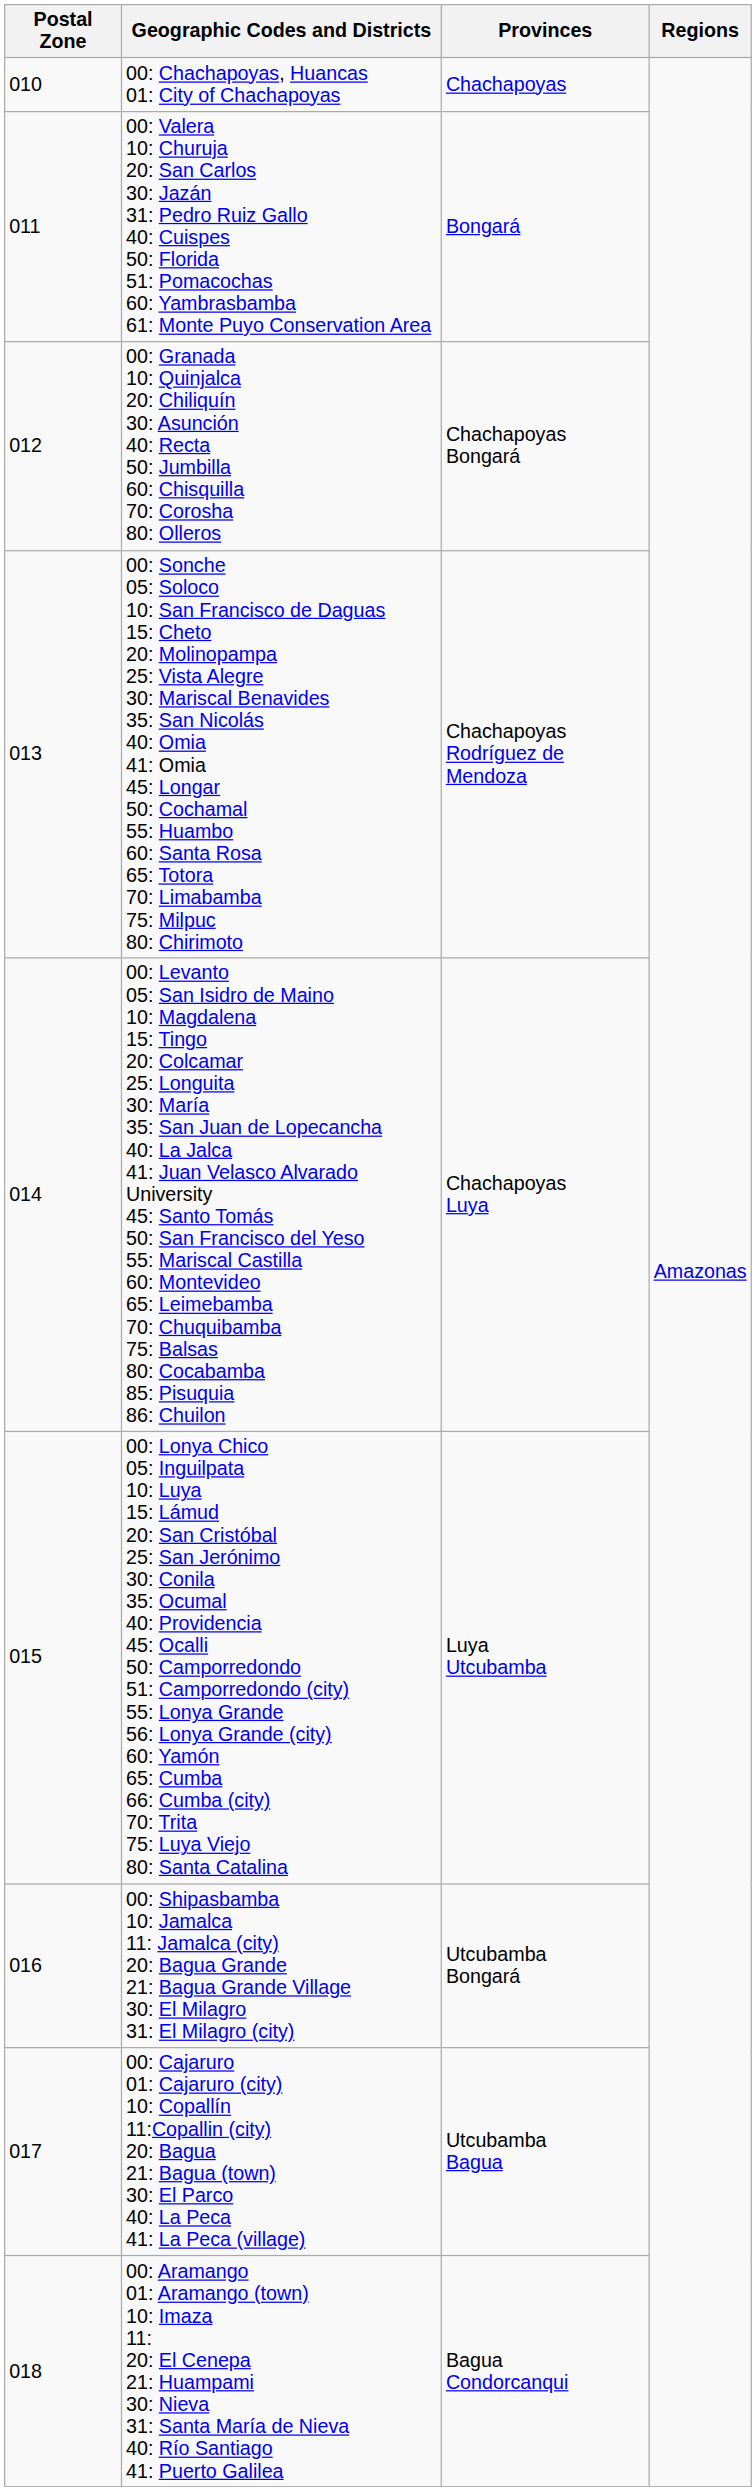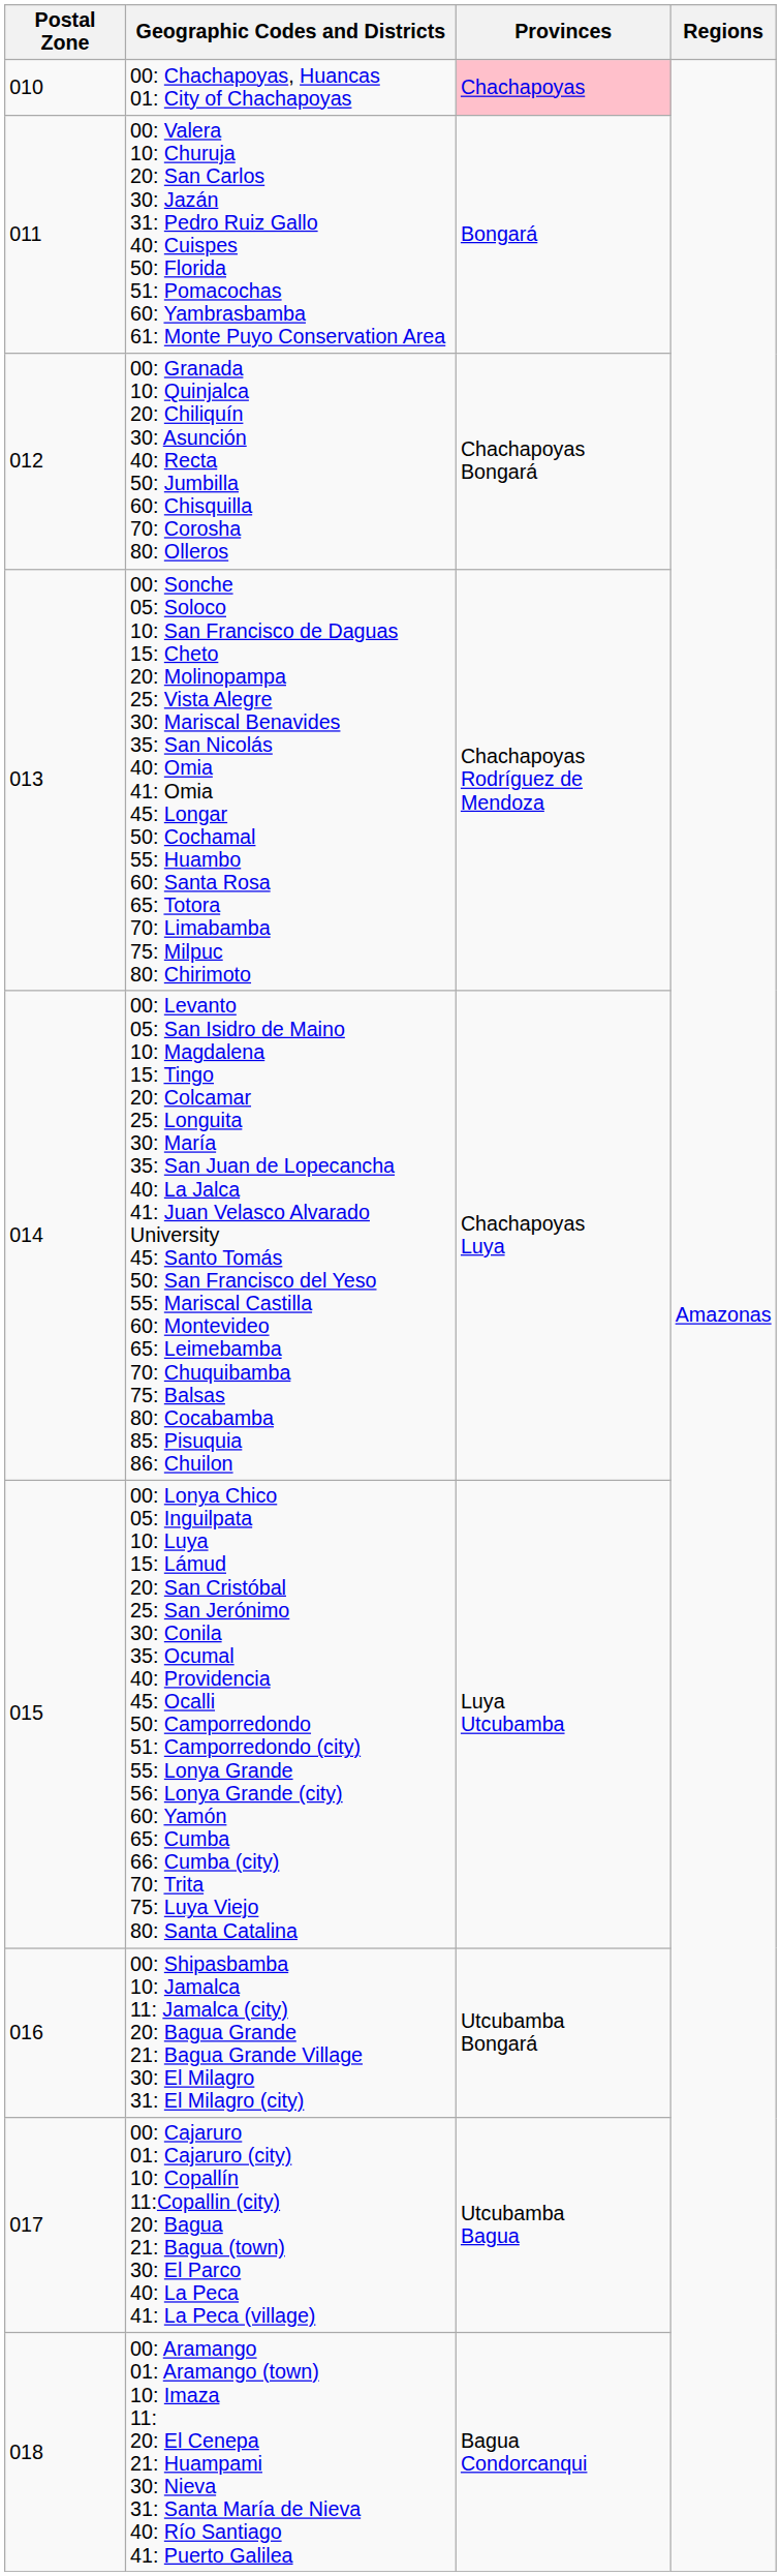 <table class="wikitable sortable">
 <tr>
 <th>Postal Zone</th>
 <th>Geographic Codes and Districts</th>
 <th>Provinces</th>
 <th>Regions</th>
 </tr>
 <tr>
 <td>010</td>
 <td>00: <a href='#'>Chachapoyas</a>, <a href='#'>Huancas</a><br>01: <a href='#'>City of Chachapoyas</a></td>
-<td><a href='#'>Chachapoyas</a></td>
+<td style="background: pink;"><a href='#'>Chachapoyas</a></td>
 <td rowspan="9"><a href='#'>Amazonas</a></td>
 </tr>
 <tr>
 <td>011</td>
 <td>00: <a href='#'>Valera</a><br>10: <a href='#'>Churuja</a><br>20: <a href='#'>San Carlos</a><br>30: <a href='#'>Jazán</a><br>31: <a href='#'>Pedro Ruiz Gallo</a><br>40: <a href='#'>Cuispes</a><br>50: <a href='#'>Florida</a><br>51: <a href='#'>Pomacochas</a><br>60: <a href='#'>Yambrasbamba</a><br>61: <a href='#'>Monte Puyo Conservation Area</a></td>
 <td><a href='#'>Bongará</a></td>
 </tr>
 <tr>
 <td>012</td>
 <td>00: <a href='#'>Granada</a><br>10: <a href='#'>Quinjalca</a><br>20: <a href='#'>Chiliquín</a><br>30: <a href='#'>Asunción</a><br>40: <a href='#'>Recta</a><br>50: <a href='#'>Jumbilla</a><br>60: <a href='#'>Chisquilla</a><br>70: <a href='#'>Corosha</a><br>80: <a href='#'>Olleros</a></td>
 <td>Chachapoyas<br>Bongará</td>
 </tr>
 <tr>
 <td>013</td>
 <td>00: <a href='#'>Sonche</a><br>05: <a href='#'>Soloco</a><br>10: <a href='#'>San Francisco de Daguas</a><br>15: <a href='#'>Cheto</a><br>20: <a href='#'>Molinopampa</a><br>25: <a href='#'>Vista Alegre</a><br>30: <a href='#'>Mariscal Benavides</a><br>35: <a href='#'>San Nicolás</a><br>40: <a href='#'>Omia</a><br>41: Omia<br>45: <a href='#'>Longar</a><br>50: <a href='#'>Cochamal</a><br>55: <a href='#'>Huambo</a><br>60: <a href='#'>Santa Rosa</a><br>65: <a href='#'>Totora</a><br>70: <a href='#'>Limabamba</a><br>75: <a href='#'>Milpuc</a><br>80: <a href='#'>Chirimoto</a></td>
 <td>Chachapoyas<br><a href='#'>Rodríguez de Mendoza</a></td>
 </tr>
 <tr>
 <td>014</td>
 <td>00: <a href='#'>Levanto</a><br>05: <a href='#'>San Isidro de Maino</a><br>10: <a href='#'>Magdalena</a><br>15: <a href='#'>Tingo</a><br>20: <a href='#'>Colcamar</a><br>25: <a href='#'>Longuita</a><br>30: <a href='#'>María</a><br>35: <a href='#'>San Juan de Lopecancha</a><br>40: <a href='#'>La Jalca</a><br>41: <a href='#'>Juan Velasco Alvarado</a> University<br>45: <a href='#'>Santo Tomás</a><br>50: <a href='#'>San Francisco del Yeso</a><br>55: <a href='#'>Mariscal Castilla</a><br>60: <a href='#'>Montevideo</a><br>65: <a href='#'>Leimebamba</a><br>70: <a href='#'>Chuquibamba</a><br>75: <a href='#'>Balsas</a><br>80: <a href='#'>Cocabamba</a><br>85: <a href='#'>Pisuquia</a><br>86: <a href='#'>Chuilon</a></td>
 <td>Chachapoyas<br><a href='#'>Luya</a></td>
 </tr>
 <tr>
 <td>015</td>
 <td>00: <a href='#'>Lonya Chico</a><br>05: <a href='#'>Inguilpata</a><br>10: <a href='#'>Luya</a><br>15: <a href='#'>Lámud</a><br>20: <a href='#'>San Cristóbal</a><br>25: <a href='#'>San Jerónimo</a><br>30: <a href='#'>Conila</a><br>35: <a href='#'>Ocumal</a><br>40: <a href='#'>Providencia</a><br>45: <a href='#'>Ocalli</a><br>50: <a href='#'>Camporredondo</a><br>51: <a href='#'>Camporredondo (city)</a><br>55: <a href='#'>Lonya Grande</a><br>56: <a href='#'>Lonya Grande (city)</a><br>60: <a href='#'>Yamón</a><br>65: <a href='#'>Cumba</a><br>66: <a href='#'>Cumba (city)</a><br>70: <a href='#'>Trita</a><br>75: <a href='#'>Luya Viejo</a><br>80: <a href='#'>Santa Catalina</a></td>
 <td>Luya<br><a href='#'>Utcubamba</a></td>
 </tr>
 <tr>
 <td>016</td>
 <td>00: <a href='#'>Shipasbamba</a><br>10: <a href='#'>Jamalca</a><br>11: <a href='#'>Jamalca (city)</a><br>20: <a href='#'>Bagua Grande</a><br>21: <a href='#'>Bagua Grande Village</a><br>30: <a href='#'>El Milagro</a><br>31: <a href='#'>El Milagro (city)</a></td>
 <td>Utcubamba<br>Bongará</td>
 </tr>
 <tr>
 <td>017</td>
 <td>00: <a href='#'>Cajaruro</a><br>01: <a href='#'>Cajaruro (city)</a><br>10: <a href='#'>Copallín</a><br>11:<a href='#'>Copallin (city)</a><br>20: <a href='#'>Bagua</a><br>21: <a href='#'>Bagua (town)</a><br>30: <a href='#'>El Parco</a><br>40: <a href='#'>La Peca</a><br>41: <a href='#'>La Peca (village)</a></td>
 <td>Utcubamba<br><a href='#'>Bagua</a></td>
 </tr>
 <tr>
 <td>018</td>
 <td>00: <a href='#'>Aramango</a><br>01: <a href='#'>Aramango (town)</a><br>10: <a href='#'>Imaza</a><br>11: <br>20: <a href='#'>El Cenepa</a><br>21: <a href='#'>Huampami</a><br>30: <a href='#'>Nieva</a><br>31: <a href='#'>Santa María de Nieva</a><br>40: <a href='#'>Río Santiago</a><br>41: <a href='#'>Puerto Galilea</a></td>
 <td>Bagua<br><a href='#'>Condorcanqui</a></td>
 </tr>
 </table>
